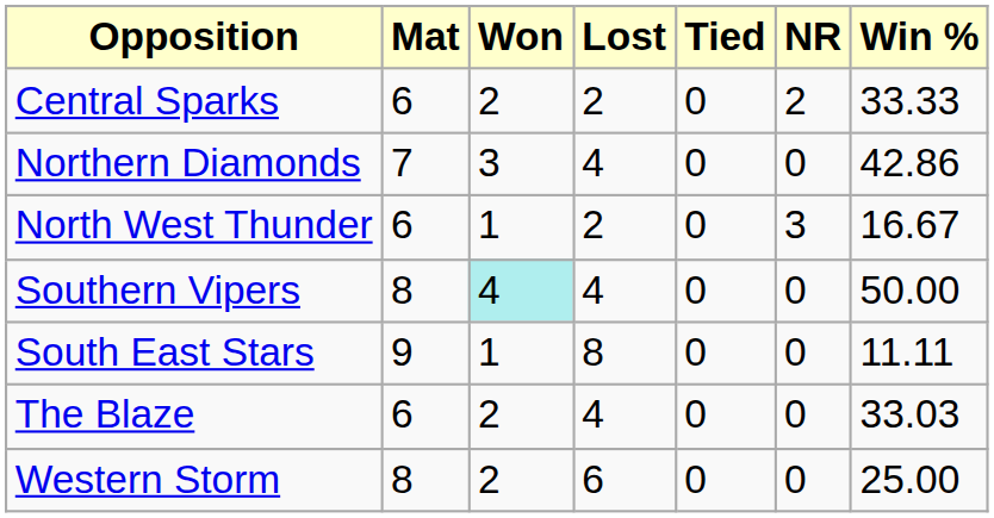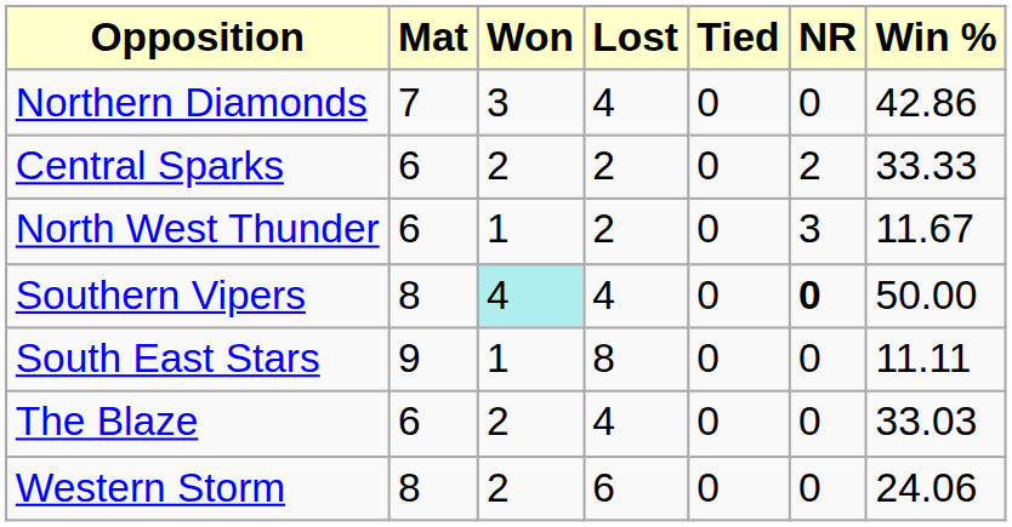 <table class="wikitable sortable">
 <tr>
 <th style="background:#ffc;">Opposition</th>
 <th style="background:#ffc;">Mat</th>
 <th style="background:#ffc;">Won</th>
 <th style="background:#ffc;">Lost</th>
 <th style="background:#ffc;">Tied</th>
 <th style="background:#ffc;">NR</th>
 <th style="background:#ffc;">Win %</th>
 </tr>
 <tr>
+<td><a href='#'>Northern Diamonds</a></td>
+<td>7</td>
+<td>3</td>
+<td>4</td>
+<td>0</td>
+<td>0</td>
+<td>42.86</td>
+</tr>
+<tr>
 <td><a href='#'>Central Sparks</a></td>
 <td>6</td>
 <td>2</td>
 <td>2</td>
 <td>0</td>
 <td>2</td>
 <td>33.33</td>
 </tr>
 <tr>
-<td><a href='#'>Northern Diamonds</a></td>
-<td>7</td>
-<td>3</td>
-<td>4</td>
-<td>0</td>
-<td>0</td>
-<td>42.86</td>
-</tr>
-<tr>
 <td><a href='#'>North West Thunder</a></td>
 <td>6</td>
 <td>1</td>
 <td>2</td>
 <td>0</td>
 <td>3</td>
-<td>16.67</td>
+<td>11.67</td>
 </tr>
 <tr>
 <td><a href='#'>Southern Vipers</a></td>
 <td>8</td>
 <td style="background: paleturquoise;">4</td>
 <td>4</td>
 <td>0</td>
-<td>0</td>
+<td><strong>0</strong></td>
 <td>50.00</td>
 </tr>
 <tr>
 <td><a href='#'>South East Stars</a></td>
 <td>9</td>
 <td>1</td>
 <td>8</td>
 <td>0</td>
 <td>0</td>
 <td>11.11</td>
 </tr>
 <tr>
 <td><a href='#'>The Blaze</a></td>
 <td>6</td>
 <td>2</td>
 <td>4</td>
 <td>0</td>
 <td>0</td>
 <td>33.03</td>
 </tr>
 <tr>
 <td><a href='#'>Western Storm</a></td>
 <td>8</td>
 <td>2</td>
 <td>6</td>
 <td>0</td>
 <td>0</td>
-<td>25.00</td>
+<td>24.06</td>
 </tr>
 </table>
